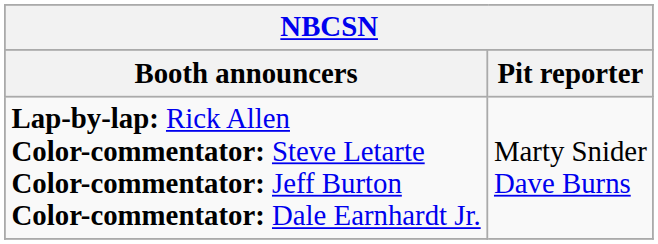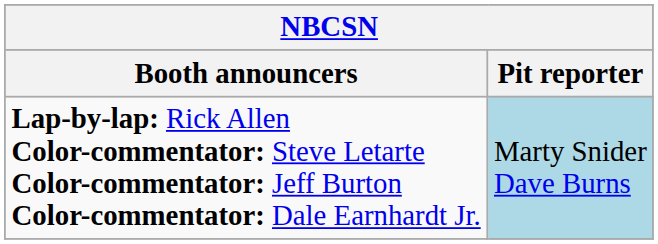 <table class="wikitable">
 <tr>
 <th colspan="2"><a href='#'>NBCSN</a></th>
 </tr>
 <tr>
 <th>Booth announcers</th>
 <th>Pit reporter</th>
 </tr>
 <tr>
 <td><strong>Lap-by-lap:</strong> <a href='#'>Rick Allen</a><br><strong>Color-commentator:</strong> <a href='#'>Steve Letarte</a><br><strong>Color-commentator:</strong> <a href='#'>Jeff Burton</a><br><strong>Color-commentator:</strong> <a href='#'>Dale Earnhardt Jr.</a></td>
-<td>Marty Snider<br><a href='#'>Dave Burns</a></td>
+<td style="background: lightblue;">Marty Snider<br><a href='#'>Dave Burns</a></td>
 </tr>
 </table>
